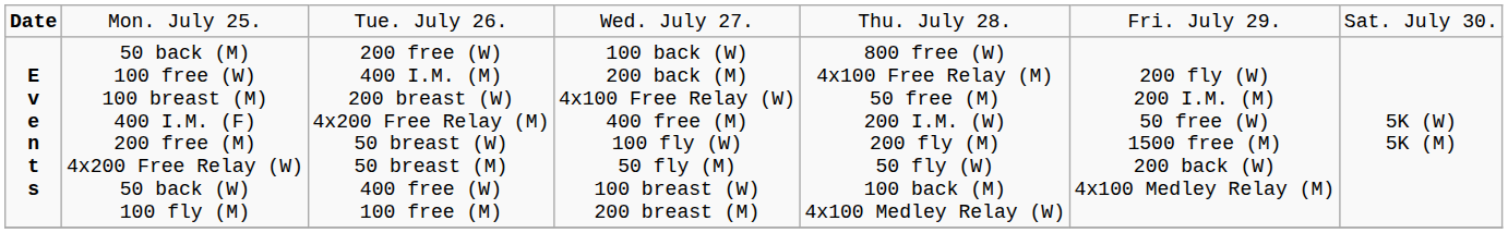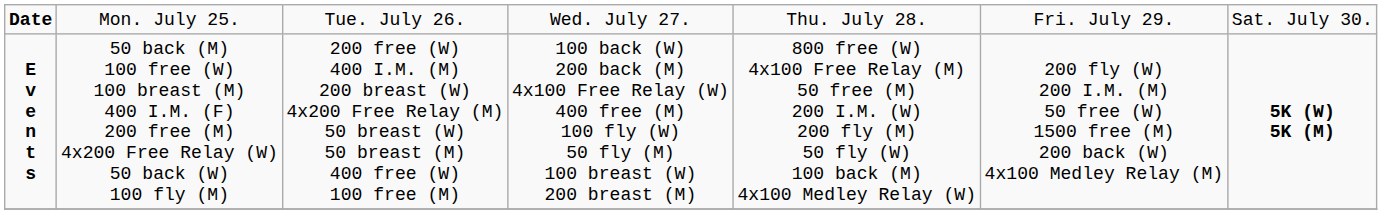 <table class=wikitable style="text-align:center">
 <tr>
 <td><strong>Date</strong></td>
 <td>Mon. July 25.</td>
 <td>Tue. July 26.</td>
 <td>Wed. July 27.</td>
 <td>Thu. July 28.</td>
 <td>Fri. July 29.</td>
 <td>Sat. July 30.</td>
 </tr>
 <tr>
 <td><strong>E<br>v<br>e<br>n<br>t<br>s</strong></td>
 <td>50 back (M) <br> 100 free (W) <br> 100 breast (M) <br> 400 I.M. (F) <br> 200 free (M) <br> 4x200 Free Relay (W) <br> 50 back (W) <br> 100 fly (M)</td>
 <td>200 free (W) <br> 400 I.M. (M) <br> 200 breast (W) <br> 4x200 Free Relay (M) <br> 50 breast (W) <br> 50 breast (M) <br> 400 free (W) <br> 100 free (M)</td>
 <td>100 back (W) <br> 200 back (M) <br> 4x100 Free Relay (W) <br> 400 free (M) <br> 100 fly (W) <br> 50 fly (M) <br> 100 breast (W) <br> 200 breast (M)</td>
 <td>800 free (W) <br> 4x100 Free Relay (M) <br> 50 free (M) <br> 200 I.M. (W) <br> 200 fly (M) <br> 50 fly (W) <br> 100 back (M) <br> 4x100 Medley Relay (W)</td>
 <td>200 fly (W) <br> 200 I.M. (M) <br> 50 free (W) <br> 1500 free (M) <br> 200 back (W) <br> 4x100 Medley Relay (M)</td>
-<td>5K (W) <br> 5K (M)</td>
+<td><strong>5K (W) <br> 5K (M)</strong></td>
 </tr>
 <tr>
 </tr>
 </table>
